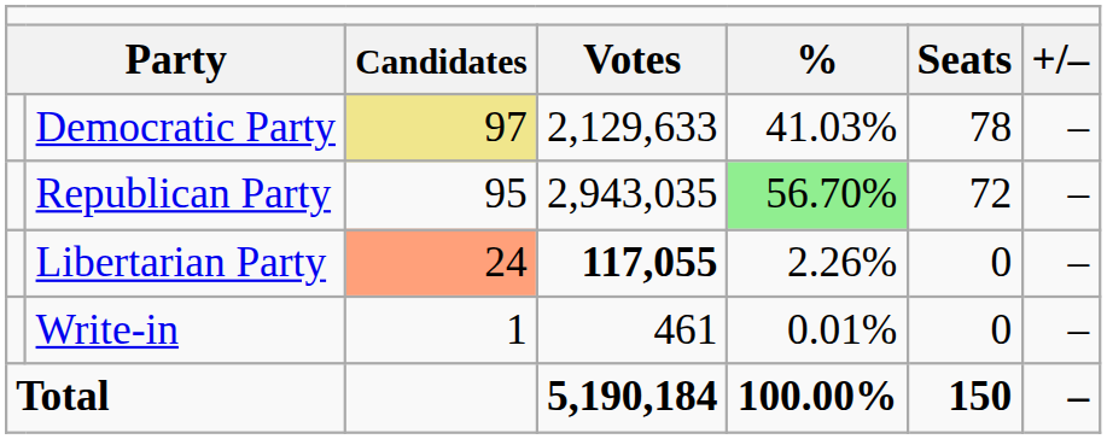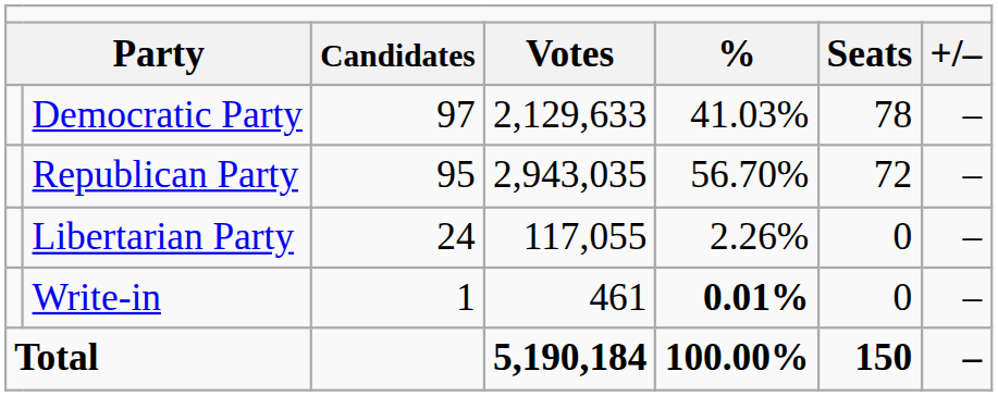 <table class="wikitable" style="font-size:100%; text-align:right;">
 <tr>
 <td colspan="15" align="center"></td>
 </tr>
 <tr>
 <th colspan="2">Party</th>
 <th><small>Candidates</small></th>
 <th>Votes</th>
 <th>%</th>
 <th>Seats</th>
 <th>+/–</th>
 </tr>
 <tr>
 <td style="background:"></td>
 <td align="left"><a href='#'>Democratic Party</a></td>
-<td style="background: khaki;">97</td>
+<td>97</td>
 <td>2,129,633</td>
 <td>41.03%</td>
 <td>78</td>
 <td>–</td>
 </tr>
 <tr>
 <td style="background:"></td>
 <td align="left"><a href='#'>Republican Party</a></td>
 <td>95</td>
 <td>2,943,035</td>
-<td style="background: lightgreen;">56.70%</td>
+<td>56.70%</td>
 <td>72</td>
 <td>–</td>
 </tr>
 <tr>
 <td style="background:"></td>
 <td align="left"><a href='#'>Libertarian Party</a></td>
-<td style="background: lightsalmon;">24</td>
-<td><strong>117,055</strong></td>
+<td>24</td>
+<td>117,055</td>
 <td>2.26%</td>
 <td>0</td>
 <td>–</td>
 </tr>
 <tr>
 <td style="background:"></td>
 <td align="left"><a href='#'>Write-in</a></td>
 <td>1</td>
 <td>461</td>
-<td>0.01%</td>
+<td><strong>0.01%</strong></td>
 <td>0</td>
 <td>–</td>
 </tr>
 <tr style="font-weight:bold">
 <td colspan="2" align="left">Total</td>
 <td></td>
 <td>5,190,184</td>
 <td>100.00%</td>
 <td>150</td>
 <td>–</td>
 </tr>
 </table>
